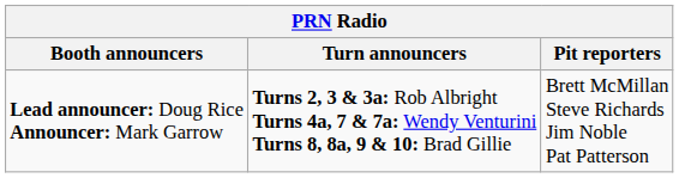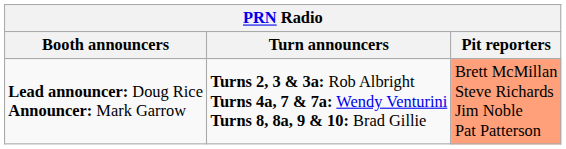 <table class="wikitable" style="font-size: 95%;">
 <tr>
 <th colspan="3"><a href='#'>PRN</a> Radio</th>
 </tr>
 <tr>
 <th>Booth announcers</th>
 <th>Turn announcers</th>
 <th>Pit reporters</th>
 </tr>
 <tr>
 <td><strong>Lead announcer:</strong> Doug Rice<br><strong>Announcer:</strong> Mark Garrow</td>
 <td><strong>Turns 2, 3 & 3a:</strong> Rob Albright<br><strong>Turns 4a, 7 & 7a:</strong> <a href='#'>Wendy Venturini</a><br><strong>Turns 8, 8a, 9 & 10:</strong> Brad Gillie</td>
-<td>Brett McMillan<br>Steve Richards<br>Jim Noble<br>Pat Patterson</td>
+<td style="background: lightsalmon;">Brett McMillan<br>Steve Richards<br>Jim Noble<br>Pat Patterson</td>
 </tr>
 </table>
